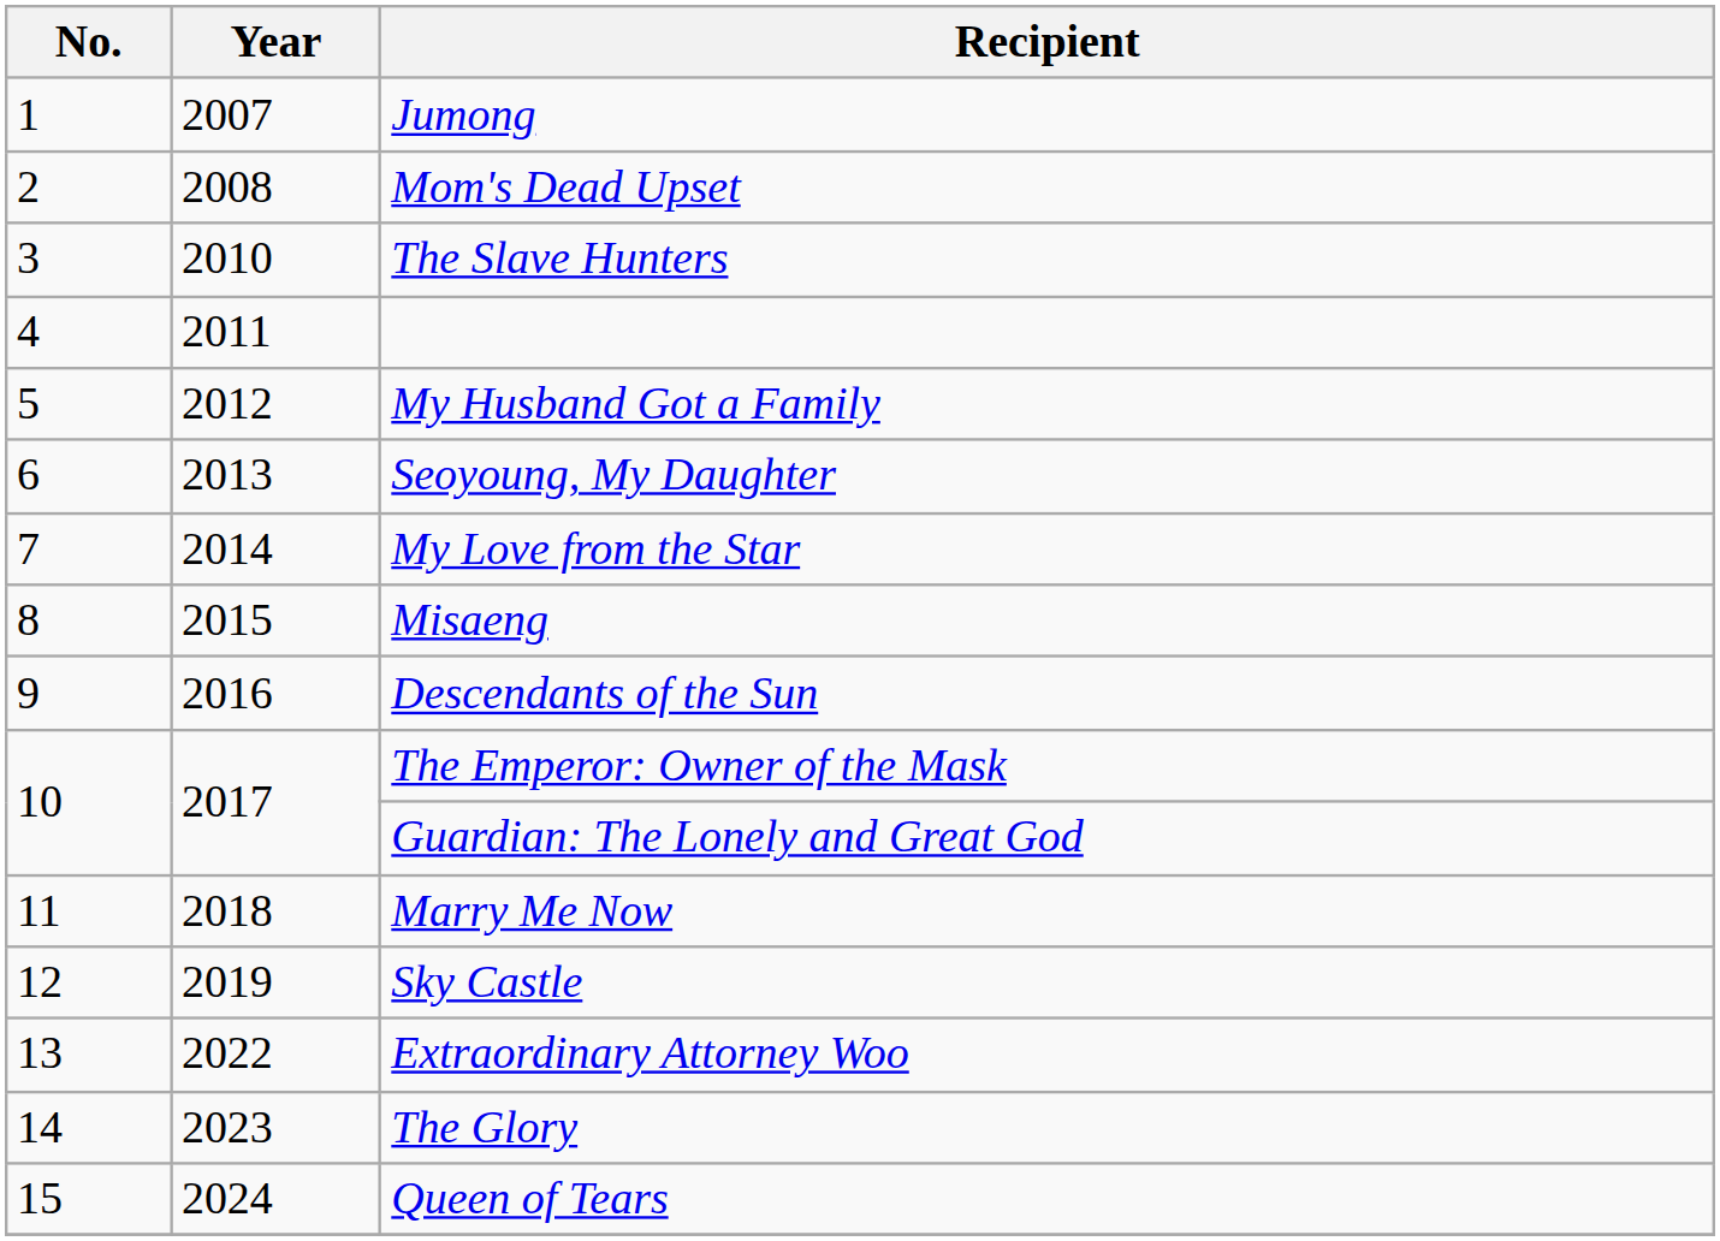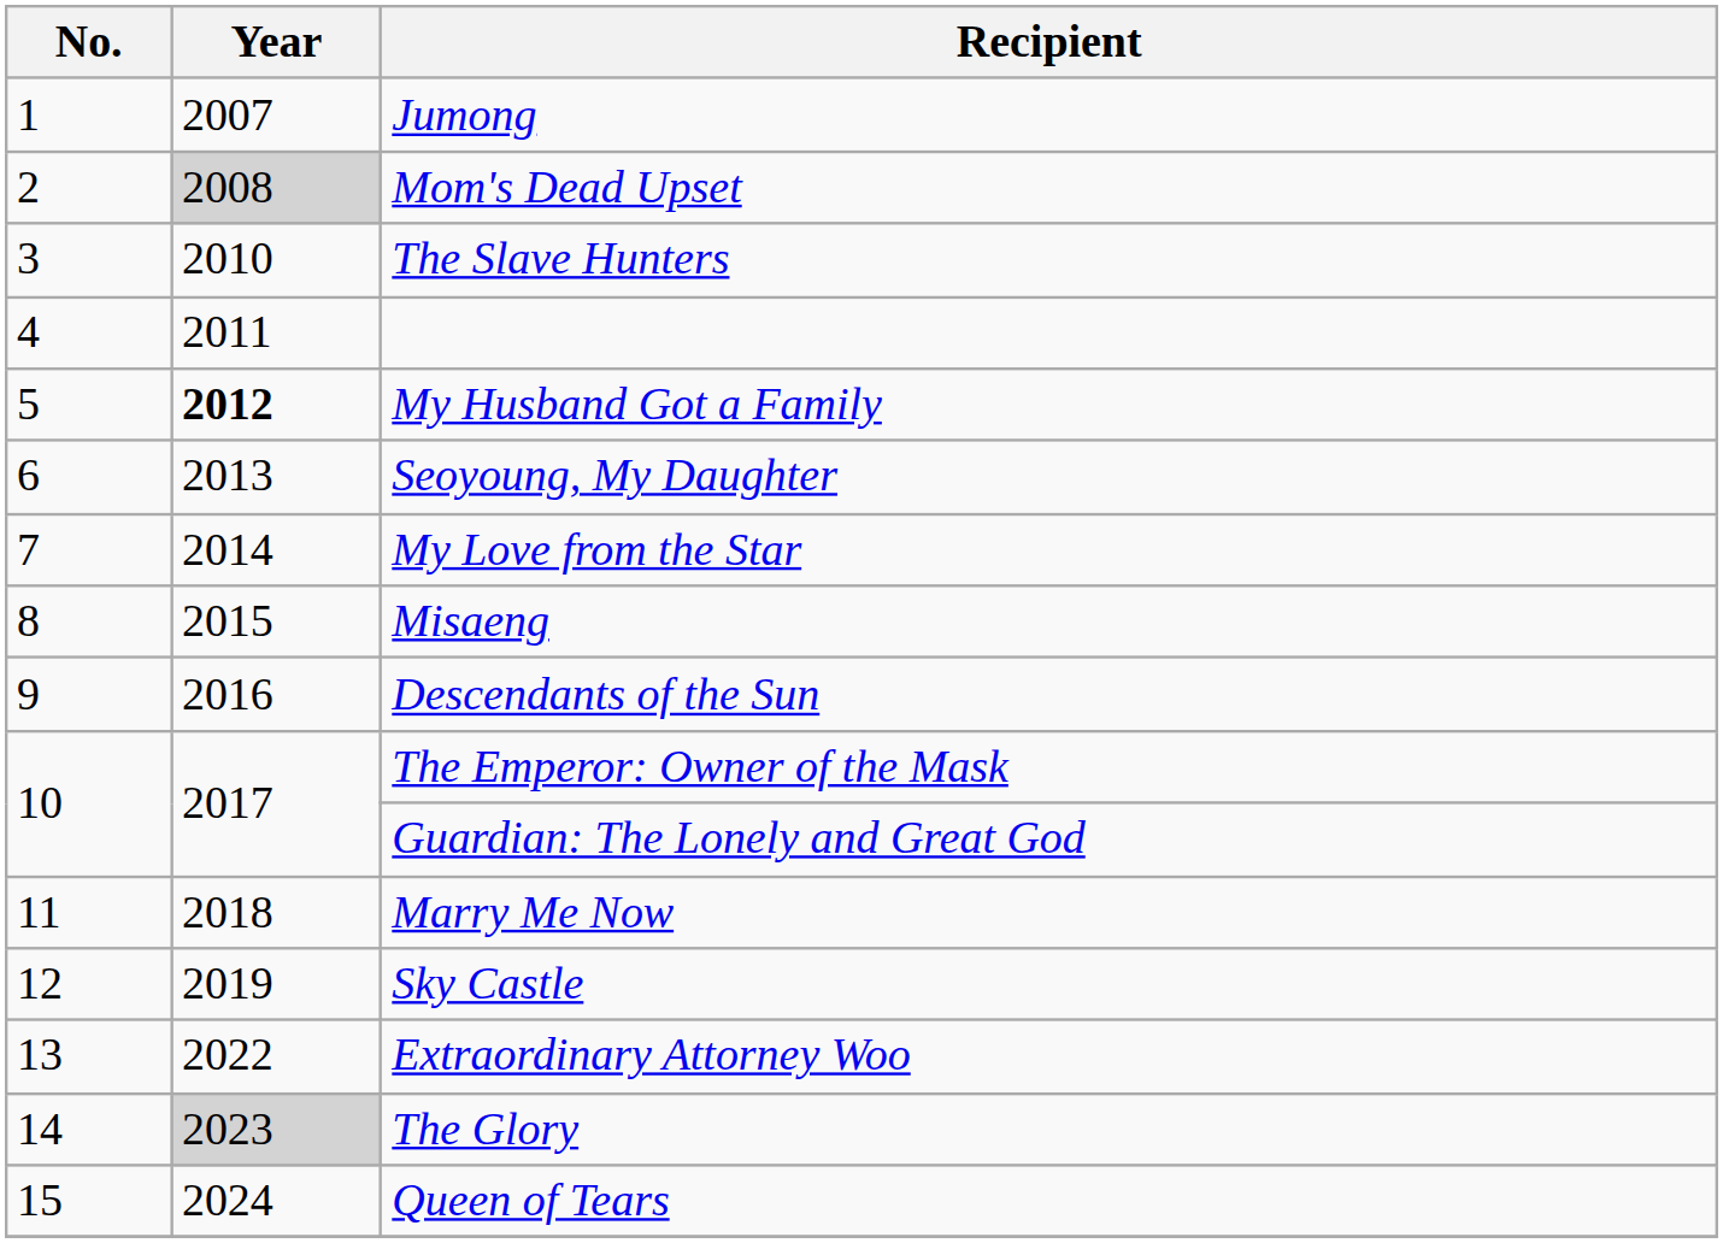 <table class="wikitable" style="width:600px">
 <tr>
 <th>No.</th>
 <th>Year</th>
 <th>Recipient</th>
 </tr>
 <tr>
 <td>1</td>
 <td>2007</td>
 <td><em><a href='#'>Jumong</a></em></td>
 </tr>
 <tr>
 <td>2</td>
-<td>2008</td>
+<td style="background: lightgrey;">2008</td>
 <td><em><a href='#'>Mom's Dead Upset</a></em></td>
 </tr>
 <tr>
 <td>3</td>
 <td>2010</td>
 <td><em><a href='#'>The Slave Hunters</a></em></td>
 </tr>
 <tr>
 <td>4</td>
 <td>2011</td>
 <td></td>
 </tr>
 <tr>
 <td>5</td>
-<td>2012</td>
+<td><strong>2012</strong></td>
 <td><em><a href='#'>My Husband Got a Family</a></em></td>
 </tr>
 <tr>
 <td>6</td>
 <td>2013</td>
 <td><em><a href='#'>Seoyoung, My Daughter</a></em></td>
 </tr>
 <tr>
 <td>7</td>
 <td>2014</td>
 <td><em><a href='#'>My Love from the Star</a></em></td>
 </tr>
 <tr>
 <td>8</td>
 <td>2015</td>
 <td><em><a href='#'>Misaeng</a></em></td>
 </tr>
 <tr>
 <td>9</td>
 <td>2016</td>
 <td><em><a href='#'>Descendants of the Sun</a></em></td>
 </tr>
 <tr>
 <td rowspan=2>10</td>
 <td rowspan=2>2017</td>
 <td><em><a href='#'>The Emperor: Owner of the Mask</a></em></td>
 </tr>
 <tr>
 <td><em><a href='#'>Guardian: The Lonely and Great God</a></em></td>
 </tr>
 <tr>
 <td>11</td>
 <td>2018</td>
 <td><em><a href='#'>Marry Me Now</a></em></td>
 </tr>
 <tr>
 <td>12</td>
 <td>2019</td>
 <td><em><a href='#'>Sky Castle</a></em></td>
 </tr>
 <tr>
 <td>13</td>
 <td>2022</td>
 <td><em><a href='#'>Extraordinary Attorney Woo</a></em></td>
 </tr>
 <tr>
 <td>14</td>
-<td>2023</td>
+<td style="background: lightgrey;">2023</td>
 <td><em><a href='#'>The Glory</a></em></td>
 </tr>
 <tr>
 <td>15</td>
 <td>2024</td>
 <td><em><a href='#'>Queen of Tears</a></em></td>
 </tr>
 <tr>
 </tr>
 </table>
